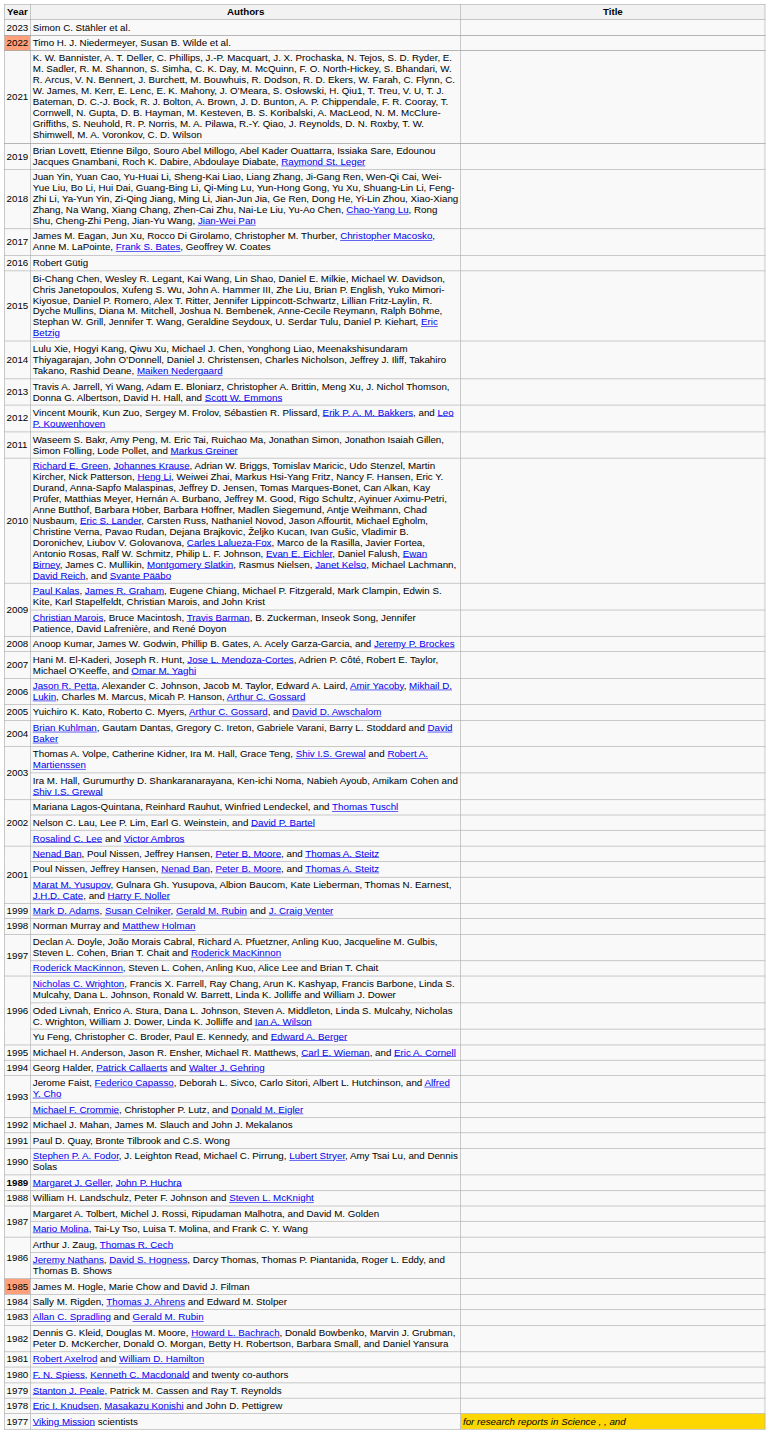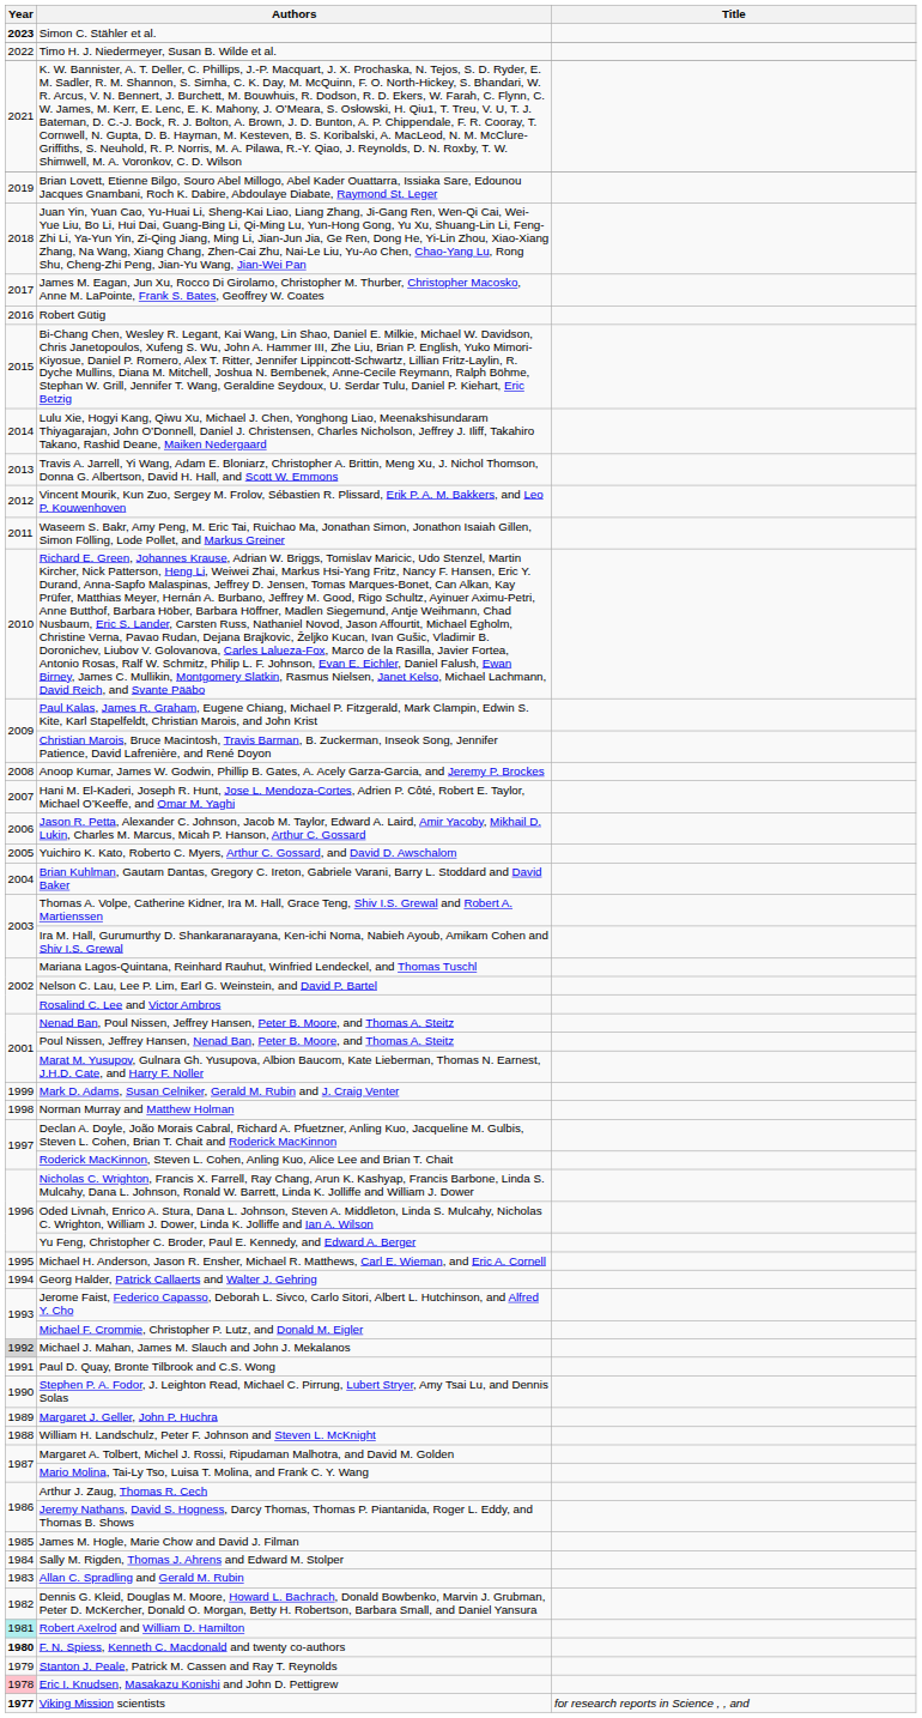 <table class="wikitable">
 <tr>
 <th>Year</th>
 <th>Authors</th>
 <th width="40%">Title</th>
 </tr>
 <tr>
-<td>2023</td>
+<td><strong>2023</strong></td>
 <td>Simon C. Stähler et al.</td>
 <td></td>
 </tr>
 <tr>
 </tr>
 <tr>
-<td style="background: lightsalmon;">2022</td>
+<td>2022</td>
 <td>Timo H. J. Niedermeyer, Susan B. Wilde et al.</td>
 <td></td>
 </tr>
 <tr>
 </tr>
 <tr>
 <td>2021</td>
 <td>K. W. Bannister, A. T. Deller, C. Phillips, J.-P. Macquart, J. X. Prochaska, N. Tejos, S. D. Ryder, E. M. Sadler, R. M. Shannon, S. Simha, C. K. Day, M. McQuinn, F. O. North-Hickey, S. Bhandari, W. R. Arcus, V. N. Bennert, J. Burchett, M. Bouwhuis, R. Dodson, R. D. Ekers, W. Farah, C. Flynn, C. W. James, M. Kerr, E. Lenc, E. K. Mahony, J. O’Meara, S. Osłowski, H. Qiu1, T. Treu, V. U, T. J. Bateman, D. C.-J. Bock, R. J. Bolton, A. Brown, J. D. Bunton, A. P. Chippendale, F. R. Cooray, T. Cornwell, N. Gupta, D. B. Hayman, M. Kesteven, B. S. Koribalski, A. MacLeod, N. M. McClure-Griffiths, S. Neuhold, R. P. Norris, M. A. Pilawa, R.-Y. Qiao, J. Reynolds, D. N. Roxby, T. W. Shimwell, M. A. Voronkov, C. D. Wilson</td>
 <td></td>
 </tr>
 <tr>
 </tr>
 <tr>
 <td>2019</td>
 <td>Brian Lovett, Etienne Bilgo, Souro Abel Millogo, Abel Kader Ouattarra, Issiaka Sare, Edounou Jacques Gnambani, Roch K. Dabire, Abdoulaye Diabate, <a href='#'>Raymond St. Leger</a></td>
 <td></td>
 </tr>
 <tr>
 <td>2018</td>
 <td>Juan Yin, Yuan Cao, Yu-Huai Li, Sheng-Kai Liao, Liang Zhang, Ji-Gang Ren, Wen-Qi Cai, Wei-Yue Liu, Bo Li, Hui Dai, Guang-Bing Li, Qi-Ming Lu, Yun-Hong Gong, Yu Xu, Shuang-Lin Li, Feng-Zhi Li, Ya-Yun Yin, Zi-Qing Jiang, Ming Li, Jian-Jun Jia, Ge Ren, Dong He, Yi-Lin Zhou, Xiao-Xiang Zhang, Na Wang, Xiang Chang, Zhen-Cai Zhu, Nai-Le Liu, Yu-Ao Chen, <a href='#'>Chao-Yang Lu</a>, Rong Shu, Cheng-Zhi Peng, Jian-Yu Wang, <a href='#'>Jian-Wei Pan</a></td>
 <td></td>
 </tr>
 <tr>
 <td>2017</td>
 <td>James M. Eagan, Jun Xu, Rocco Di Girolamo, Christopher M. Thurber, <a href='#'>Christopher Macosko</a>, Anne M. LaPointe, <a href='#'>Frank S. Bates</a>, Geoffrey W. Coates</td>
 <td></td>
 </tr>
 <tr>
 <td>2016</td>
 <td>Robert Gütig</td>
 <td></td>
 </tr>
 <tr>
 <td>2015</td>
 <td>Bi-Chang Chen, Wesley R. Legant, Kai Wang, Lin Shao, Daniel E. Milkie, Michael W. Davidson, Chris Janetopoulos, Xufeng S. Wu, John A. Hammer III, Zhe Liu, Brian P. English, Yuko Mimori-Kiyosue, Daniel P. Romero, Alex T. Ritter, Jennifer Lippincott-Schwartz, Lillian Fritz-Laylin, R. Dyche Mullins, Diana M. Mitchell, Joshua N. Bembenek, Anne-Cecile Reymann, Ralph Böhme, Stephan W. Grill, Jennifer T. Wang, Geraldine Seydoux, U. Serdar Tulu, Daniel P. Kiehart, <a href='#'>Eric Betzig</a></td>
 <td></td>
 </tr>
 <tr>
 <td>2014</td>
 <td>Lulu Xie, Hogyi Kang, Qiwu Xu, Michael J. Chen, Yonghong Liao, Meenakshisundaram Thiyagarajan, John O’Donnell, Daniel J. Christensen, Charles Nicholson, Jeffrey J. Iliff, Takahiro Takano, Rashid Deane, <a href='#'>Maiken Nedergaard</a></td>
 <td></td>
 </tr>
 <tr>
 <td>2013</td>
 <td>Travis A. Jarrell, Yi Wang, Adam E. Bloniarz, Christopher A. Brittin, Meng Xu, J. Nichol Thomson, Donna G. Albertson, David H. Hall, and <a href='#'>Scott W. Emmons</a></td>
 <td></td>
 </tr>
 <tr>
 <td>2012</td>
 <td>Vincent Mourik, Kun Zuo, Sergey M. Frolov, Sébastien R. Plissard, <a href='#'>Erik P. A. M. Bakkers</a>, and <a href='#'>Leo P. Kouwenhoven</a></td>
 <td></td>
 </tr>
 <tr>
 <td>2011</td>
 <td>Waseem S. Bakr, Amy Peng, M. Eric Tai, Ruichao Ma, Jonathan Simon, Jonathon Isaiah Gillen, Simon Fölling, Lode Pollet, and <a href='#'>Markus Greiner</a></td>
 <td></td>
 </tr>
 <tr>
 <td>2010</td>
 <td><a href='#'>Richard E. Green</a>, <a href='#'>Johannes Krause</a>, Adrian W. Briggs, Tomislav Maricic, Udo Stenzel, Martin Kircher, Nick Patterson, <a href='#'>Heng Li</a>, Weiwei Zhai, Markus Hsi-Yang Fritz, Nancy F. Hansen, Eric Y. Durand, Anna-Sapfo Malaspinas, Jeffrey D. Jensen, Tomas Marques-Bonet, Can Alkan, Kay Prüfer, Matthias Meyer, Hernán A. Burbano, Jeffrey M. Good, Rigo Schultz, Ayinuer Aximu-Petri, Anne Butthof, Barbara Höber, Barbara Höffner, Madlen Siegemund, Antje Weihmann, Chad Nusbaum, <a href='#'>Eric S. Lander</a>, Carsten Russ, Nathaniel Novod, Jason Affourtit, Michael Egholm, Christine Verna, Pavao Rudan, Dejana Brajkovic, Željko Kucan, Ivan Gušic, Vladimir B. Doronichev, Liubov V. Golovanova, <a href='#'>Carles Lalueza-Fox</a>, Marco de la Rasilla, Javier Fortea, Antonio Rosas, Ralf W. Schmitz, Philip L. F. Johnson, <a href='#'>Evan E. Eichler</a>, Daniel Falush, <a href='#'>Ewan Birney</a>, James C. Mullikin, <a href='#'>Montgomery Slatkin</a>, Rasmus Nielsen, <a href='#'>Janet Kelso</a>, Michael Lachmann, <a href='#'>David Reich</a>, and <a href='#'>Svante Pääbo</a></td>
 <td></td>
 </tr>
 <tr>
 <td rowspan="2">2009</td>
 <td><a href='#'>Paul Kalas</a>, <a href='#'>James R. Graham</a>, Eugene Chiang, Michael P. Fitzgerald, Mark Clampin, Edwin S. Kite, Karl Stapelfeldt, Christian Marois, and John Krist</td>
 <td></td>
 </tr>
 <tr>
 <td><a href='#'>Christian Marois</a>, Bruce Macintosh, <a href='#'>Travis Barman</a>, B. Zuckerman, Inseok Song, Jennifer Patience, David Lafrenière, and René Doyon</td>
 <td></td>
 </tr>
 <tr>
 <td>2008</td>
 <td>Anoop Kumar, James W. Godwin, Phillip B. Gates, A. Acely Garza-Garcia, and <a href='#'>Jeremy P. Brockes</a></td>
 <td></td>
 </tr>
 <tr>
 <td>2007</td>
 <td>Hani M. El-Kaderi, Joseph R. Hunt, <a href='#'>Jose L. Mendoza-Cortes</a>, Adrien P. Côté, Robert E. Taylor, Michael O’Keeffe, and <a href='#'>Omar M. Yaghi</a></td>
 <td></td>
 </tr>
 <tr>
 <td>2006</td>
 <td><a href='#'>Jason R. Petta</a>, Alexander C. Johnson, Jacob M. Taylor, Edward A. Laird, <a href='#'>Amir Yacoby</a>, <a href='#'>Mikhail D. Lukin</a>, Charles M. Marcus, Micah P. Hanson, <a href='#'>Arthur C. Gossard</a></td>
 <td></td>
 </tr>
 <tr>
 <td>2005</td>
 <td>Yuichiro K. Kato, Roberto C. Myers, <a href='#'>Arthur C. Gossard</a>, and <a href='#'>David D. Awschalom</a></td>
 <td></td>
 </tr>
 <tr>
 <td>2004</td>
 <td><a href='#'>Brian Kuhlman</a>, Gautam Dantas, Gregory C. Ireton, Gabriele Varani, Barry L. Stoddard and <a href='#'>David Baker</a></td>
 <td></td>
 </tr>
 <tr>
 <td rowspan="2">2003</td>
 <td>Thomas A. Volpe, Catherine Kidner, Ira M. Hall, Grace Teng, <a href='#'>Shiv I.S. Grewal</a> and <a href='#'>Robert A. Martienssen</a></td>
 <td></td>
 </tr>
 <tr>
 <td>Ira M. Hall, Gurumurthy D. Shankaranarayana, Ken-ichi Noma, Nabieh Ayoub, Amikam Cohen and <a href='#'>Shiv I.S. Grewal</a></td>
 <td></td>
 </tr>
 <tr>
 <td rowspan="3">2002</td>
 <td>Mariana Lagos-Quintana, Reinhard Rauhut, Winfried Lendeckel, and <a href='#'>Thomas Tuschl</a></td>
 <td></td>
 </tr>
 <tr>
 <td>Nelson C. Lau, Lee P. Lim, Earl G. Weinstein, and <a href='#'>David P. Bartel</a></td>
 <td></td>
 </tr>
 <tr>
 <td><a href='#'>Rosalind C. Lee</a> and <a href='#'>Victor Ambros</a></td>
 <td></td>
 </tr>
 <tr>
 <td rowspan="3">2001</td>
 <td><a href='#'>Nenad Ban</a>, Poul Nissen, Jeffrey Hansen, <a href='#'>Peter B. Moore</a>, and <a href='#'>Thomas A. Steitz</a></td>
 <td></td>
 </tr>
 <tr>
 <td>Poul Nissen, Jeffrey Hansen, <a href='#'>Nenad Ban</a>, <a href='#'>Peter B. Moore</a>, and <a href='#'>Thomas A. Steitz</a></td>
 <td></td>
 </tr>
 <tr>
 <td><a href='#'>Marat M. Yusupov</a>, Gulnara Gh. Yusupova, Albion Baucom, Kate Lieberman, Thomas N. Earnest, <a href='#'>J.H.D. Cate</a>, and <a href='#'>Harry F. Noller</a></td>
 <td></td>
 </tr>
 <tr>
 <td>1999</td>
 <td><a href='#'>Mark D. Adams</a>, <a href='#'>Susan Celniker</a>, <a href='#'>Gerald M. Rubin</a> and <a href='#'>J. Craig Venter</a></td>
 <td></td>
 </tr>
 <tr>
 <td>1998</td>
 <td>Norman Murray and <a href='#'>Matthew Holman</a></td>
 <td></td>
 </tr>
 <tr>
 <td rowspan="2">1997</td>
 <td>Declan A. Doyle, João Morais Cabral, Richard A. Pfuetzner, Anling Kuo, Jacqueline M. Gulbis, Steven L. Cohen, Brian T. Chait and <a href='#'>Roderick MacKinnon</a></td>
 <td></td>
 </tr>
 <tr>
 <td><a href='#'>Roderick MacKinnon</a>, Steven L. Cohen, Anling Kuo, Alice Lee and Brian T. Chait</td>
 <td></td>
 </tr>
 <tr>
 <td rowspan="3">1996</td>
 <td><a href='#'>Nicholas C. Wrighton</a>, Francis X. Farrell, Ray Chang, Arun K. Kashyap, Francis Barbone, Linda S. Mulcahy, Dana L. Johnson, Ronald W. Barrett, Linda K. Jolliffe and William J. Dower</td>
 <td></td>
 </tr>
 <tr>
 <td>Oded Livnah, Enrico A. Stura, Dana L. Johnson, Steven A. Middleton, Linda S. Mulcahy, Nicholas C. Wrighton, William J. Dower, Linda K. Jolliffe and <a href='#'>Ian A. Wilson</a></td>
 <td></td>
 </tr>
 <tr>
 <td>Yu Feng, Christopher C. Broder, Paul E. Kennedy, and <a href='#'>Edward A. Berger</a></td>
 <td></td>
 </tr>
 <tr>
 <td>1995</td>
 <td>Michael H. Anderson, Jason R. Ensher, Michael R. Matthews, <a href='#'>Carl E. Wieman</a>, and <a href='#'>Eric A. Cornell</a></td>
 <td></td>
 </tr>
 <tr>
 <td>1994</td>
 <td>Georg Halder, <a href='#'>Patrick Callaerts</a> and <a href='#'>Walter J. Gehring</a></td>
 <td></td>
 </tr>
 <tr>
 <td rowspan="2">1993</td>
 <td>Jerome Faist, <a href='#'>Federico Capasso</a>, Deborah L. Sivco, Carlo Sitori, Albert L. Hutchinson, and <a href='#'>Alfred Y. Cho</a></td>
 <td></td>
 </tr>
 <tr>
 <td><a href='#'>Michael F. Crommie</a>, Christopher P. Lutz, and <a href='#'>Donald M. Eigler</a></td>
 <td></td>
 </tr>
 <tr>
-<td>1992</td>
+<td style="background: lightgrey;">1992</td>
 <td>Michael J. Mahan, James M. Slauch and John J. Mekalanos</td>
 <td></td>
 </tr>
 <tr>
 <td>1991</td>
 <td>Paul D. Quay, Bronte Tilbrook and C.S. Wong</td>
 <td></td>
 </tr>
 <tr>
 <td>1990</td>
 <td><a href='#'>Stephen P. A. Fodor</a>, J. Leighton Read, Michael C. Pirrung, <a href='#'>Lubert Stryer</a>, Amy Tsai Lu, and Dennis Solas</td>
 <td></td>
 </tr>
 <tr>
-<td><strong>1989</strong></td>
+<td>1989</td>
 <td><a href='#'>Margaret J. Geller</a>, <a href='#'>John P. Huchra</a></td>
 <td></td>
 </tr>
 <tr>
 <td>1988</td>
 <td>William H. Landschulz, Peter F. Johnson and <a href='#'>Steven L. McKnight</a></td>
 <td><br></td>
 </tr>
 <tr>
 <td rowspan="2">1987</td>
 <td>Margaret A. Tolbert, Michel J. Rossi, Ripudaman Malhotra, and David M. Golden</td>
 <td></td>
 </tr>
 <tr>
 <td><a href='#'>Mario Molina</a>, Tai-Ly Tso, Luisa T. Molina, and Frank C. Y. Wang</td>
 <td></td>
 </tr>
 <tr>
 <td rowspan="2">1986</td>
 <td>Arthur J. Zaug, <a href='#'>Thomas R. Cech</a></td>
 <td></td>
 </tr>
 <tr>
 <td><a href='#'>Jeremy Nathans</a>, <a href='#'>David S. Hogness</a>, Darcy Thomas, Thomas P. Piantanida, Roger L. Eddy, and Thomas B. Shows</td>
 <td><br></td>
 </tr>
 <tr>
-<td style="background: lightsalmon;">1985</td>
+<td>1985</td>
 <td>James M. Hogle, Marie Chow and David J. Filman</td>
 <td></td>
 </tr>
 <tr>
 <td>1984</td>
 <td>Sally M. Rigden, <a href='#'>Thomas J. Ahrens</a> and Edward M. Stolper</td>
 <td></td>
 </tr>
 <tr>
 <td>1983</td>
 <td><a href='#'>Allan C. Spradling</a> and <a href='#'>Gerald M. Rubin</a></td>
 <td><br></td>
 </tr>
 <tr>
 <td>1982</td>
 <td>Dennis G. Kleid, Douglas M. Moore, <a href='#'>Howard L. Bachrach</a>, Donald Bowbenko, Marvin J. Grubman, Peter D. McKercher, Donald O. Morgan, Betty H. Robertson, Barbara Small, and Daniel Yansura</td>
 <td></td>
 </tr>
 <tr>
-<td>1981</td>
+<td style="background: paleturquoise;">1981</td>
 <td><a href='#'>Robert Axelrod</a> and <a href='#'>William D. Hamilton</a></td>
 <td></td>
 </tr>
 <tr>
-<td>1980</td>
+<td><strong>1980</strong></td>
 <td><a href='#'>F. N. Spiess</a>, <a href='#'>Kenneth C. Macdonald</a> and twenty co-authors</td>
 <td></td>
 </tr>
 <tr>
 <td>1979</td>
 <td><a href='#'>Stanton J. Peale</a>, Patrick M. Cassen and Ray T. Reynolds</td>
 <td></td>
 </tr>
 <tr>
-<td>1978</td>
+<td style="background: pink;">1978</td>
 <td><a href='#'>Eric I. Knudsen</a>, <a href='#'>Masakazu Konishi</a> and John D. Pettigrew</td>
 <td><br></td>
 </tr>
 <tr>
-<td>1977</td>
+<td><strong>1977</strong></td>
 <td><a href='#'>Viking Mission</a> scientists</td>
-<td style="background: gold;"><em>for research reports in Science , , and </em></td>
+<td><em>for research reports in Science , , and </em></td>
 </tr>
 </table>
